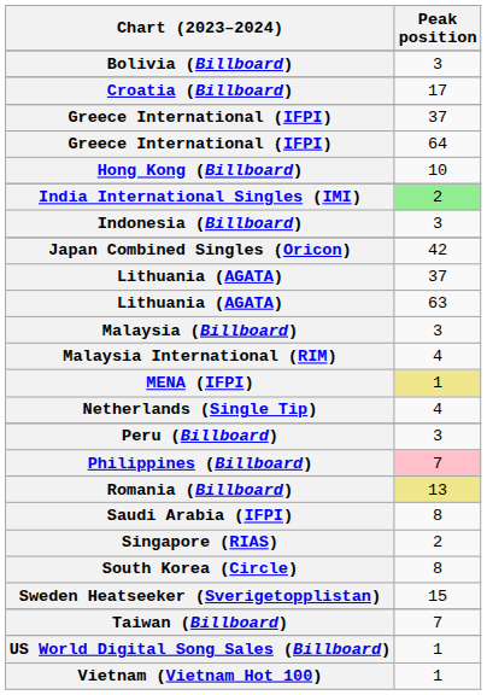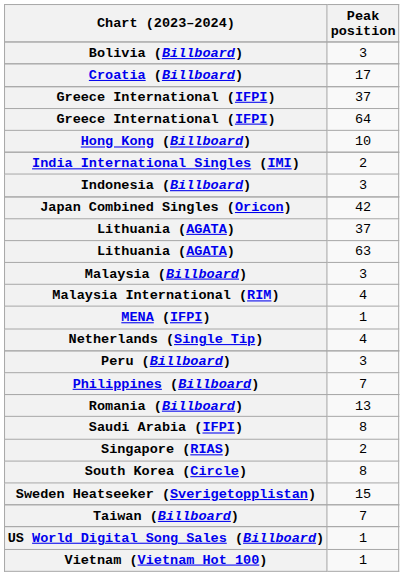 <table class="wikitable sortable plainrowheaders" style="text-align:center">
 <tr>
 <th scope="col">Chart (2023–2024)</th>
 <th scope="col">Peak<br>position</th>
 </tr>
 <tr>
 </tr>
 <tr>
 </tr>
 <tr>
 </tr>
 <tr>
 <th scope="row">Bolivia (<em><a href='#'>Billboard</a></em>)</th>
 <td>3</td>
 </tr>
 <tr>
 </tr>
 <tr>
 <th scope="row"><a href='#'>Croatia</a> (<em><a href='#'>Billboard</a></em>)</th>
 <td>17</td>
 </tr>
 <tr>
 </tr>
 <tr>
 </tr>
 <tr>
 </tr>
 <tr>
 <th scope="row">Greece International (<a href='#'>IFPI</a>)</th>
 <td>37</td>
 </tr>
 <tr>
 <th scope="row">Greece International (<a href='#'>IFPI</a>)<br></th>
 <td>64</td>
 </tr>
 <tr>
 <th scope="row"><a href='#'>Hong Kong</a> (<em><a href='#'>Billboard</a></em>)</th>
 <td>10</td>
 </tr>
 <tr>
 </tr>
 <tr>
 <th scope="row"><a href='#'>India International Singles</a> (<a href='#'>IMI</a>)</th>
-<td style="background: lightgreen;">2</td>
+<td>2</td>
 </tr>
 <tr>
 <th scope="row">Indonesia (<em><a href='#'>Billboard</a></em>)</th>
 <td>3</td>
 </tr>
 <tr>
 </tr>
 <tr>
 </tr>
 <tr>
 </tr>
 <tr>
 <th scope="row">Japan Combined Singles (<a href='#'>Oricon</a>)</th>
 <td>42</td>
 </tr>
 <tr>
 <th scope="row">Lithuania (<a href='#'>AGATA</a>)</th>
 <td>37</td>
 </tr>
 <tr>
 <th scope="row">Lithuania (<a href='#'>AGATA</a>)<br></th>
 <td>63</td>
 </tr>
 <tr>
 <th scope="row">Malaysia (<em><a href='#'>Billboard</a></em>)</th>
 <td>3</td>
 </tr>
 <tr>
 <th scope="row">Malaysia International (<a href='#'>RIM</a>)</th>
 <td>4</td>
 </tr>
 <tr>
 <th scope="row"><a href='#'>MENA</a> (<a href='#'>IFPI</a>)</th>
-<td style="background: khaki;">1</td>
+<td>1</td>
 </tr>
 <tr>
 <th scope="row">Netherlands (<a href='#'>Single Tip</a>)</th>
 <td>4</td>
 </tr>
 <tr>
 </tr>
 <tr>
 <th scope="row">Peru (<em><a href='#'>Billboard</a></em>)</th>
 <td>3</td>
 </tr>
 <tr>
 <th scope="row"><a href='#'>Philippines</a> (<em><a href='#'>Billboard</a></em>)</th>
-<td style="background: pink;">7</td>
+<td>7</td>
 </tr>
 <tr>
 </tr>
 <tr>
 <th scope="row">Romania (<em><a href='#'>Billboard</a></em>)</th>
-<td style="background: khaki;">13</td>
+<td>13</td>
 </tr>
 <tr>
 <th scope="row">Saudi Arabia (<a href='#'>IFPI</a>)</th>
 <td>8</td>
 </tr>
 <tr>
 <th scope="row">Singapore (<a href='#'>RIAS</a>)</th>
 <td>2</td>
 </tr>
 <tr>
 <th scope="row">South Korea (<a href='#'>Circle</a>)</th>
 <td>8</td>
 </tr>
 <tr>
 <th scope="row">Sweden Heatseeker (<a href='#'>Sverigetopplistan</a>)</th>
 <td>15</td>
 </tr>
 <tr>
 </tr>
 <tr>
 <th scope="row">Taiwan (<em><a href='#'>Billboard</a></em>)</th>
 <td>7</td>
 </tr>
 <tr>
 </tr>
 <tr>
 </tr>
 <tr>
 <th scope="row">US <a href='#'>World Digital Song Sales</a> (<em><a href='#'>Billboard</a></em>)</th>
 <td>1</td>
 </tr>
 <tr>
 <th scope="row">Vietnam (<a href='#'>Vietnam Hot 100</a>)</th>
 <td>1</td>
 </tr>
 </table>
